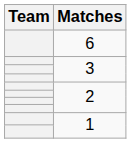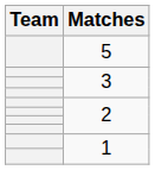 <table class="wikitable plainrowheaders" style="text-align: center;">
 <tr>
 <th>Team</th>
 <th>Matches</th>
 </tr>
 <tr>
 <th scope=row></th>
-<td>6</td>
+<td>5</td>
 </tr>
 <tr>
 <th scope=row></th>
 <td rowspan="3">3</td>
 </tr>
 <tr>
 <th scope=row></th>
 </tr>
 <tr>
 <th scope=row></th>
 </tr>
 <tr>
 <th scope=row></th>
 <td rowspan="4">2</td>
 </tr>
 <tr>
 <th scope="row"></th>
 </tr>
 <tr>
 <th scope="row"></th>
 </tr>
 <tr>
 <th scope="row"></th>
 </tr>
 <tr>
 <th scope=row></th>
 <td rowspan="2">1</td>
 </tr>
 <tr>
 <th scope=row></th>
 </tr>
 </table>
